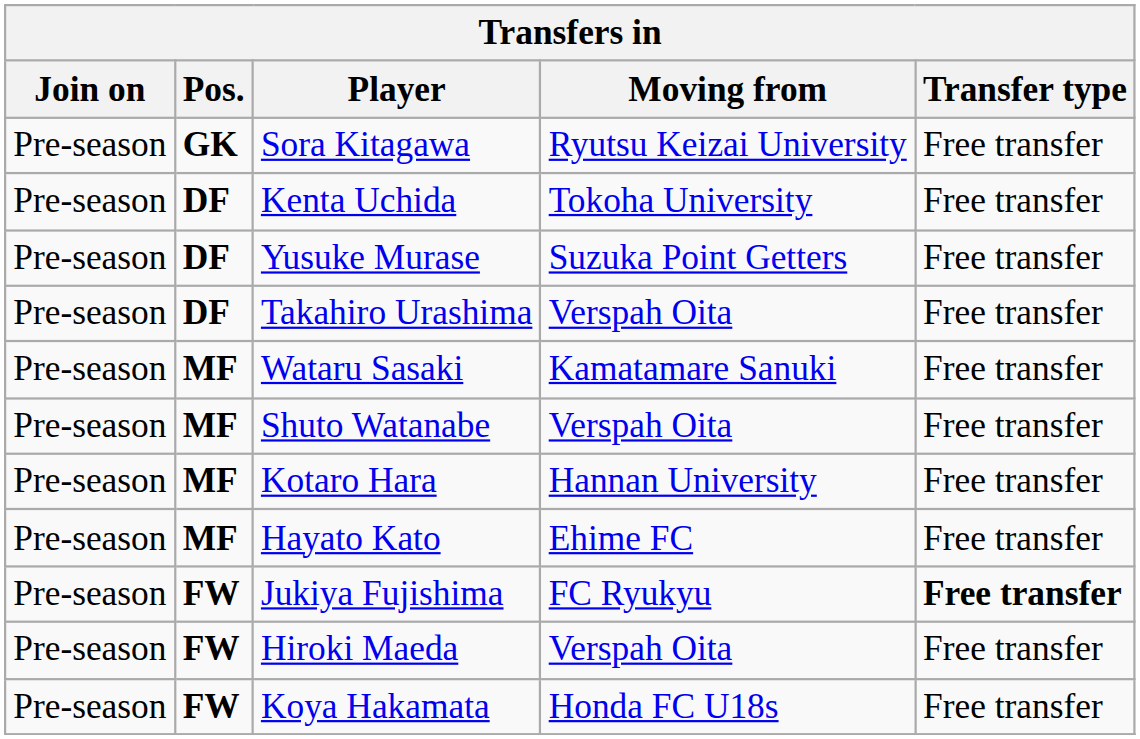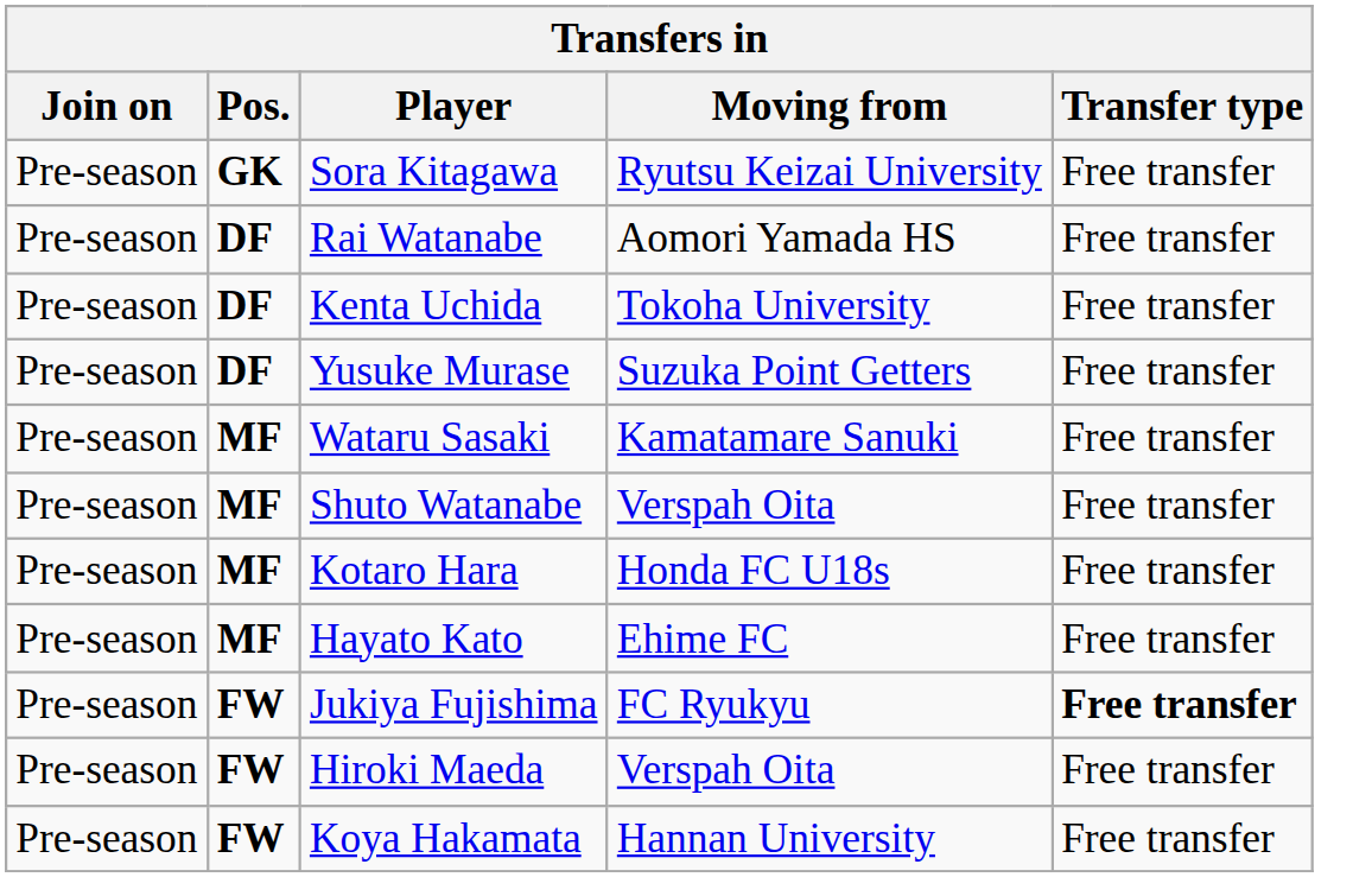 <table class="wikitable sortable" style=“text-align:left;>
 <tr>
 <th colspan="5">Transfers in</th>
 </tr>
 <tr>
 <th>Join on</th>
 <th>Pos.</th>
 <th>Player</th>
 <th>Moving from</th>
 <th>Transfer type</th>
 </tr>
 <tr>
 <td>Pre-season</td>
 <td><strong>GK</strong></td>
 <td> <a href='#'>Sora Kitagawa</a></td>
 <td> <a href='#'>Ryutsu Keizai University</a></td>
 <td>Free transfer</td>
 </tr>
 <tr>
 <td>Pre-season</td>
 <td><strong>DF</strong></td>
+<td> <a href='#'>Rai Watanabe</a></td>
+<td> Aomori Yamada HS</td>
+<td>Free transfer</td>
+</tr>
+<tr>
+<td>Pre-season</td>
+<td><strong>DF</strong></td>
 <td> <a href='#'>Kenta Uchida</a></td>
 <td> <a href='#'>Tokoha University</a></td>
 <td>Free transfer</td>
 </tr>
 <tr>
 <td>Pre-season</td>
 <td><strong>DF</strong></td>
 <td> <a href='#'>Yusuke Murase</a></td>
 <td> <a href='#'>Suzuka Point Getters</a></td>
-<td>Free transfer</td>
-</tr>
-<tr>
-<td>Pre-season</td>
-<td><strong>DF</strong></td>
-<td> <a href='#'>Takahiro Urashima</a></td>
-<td> <a href='#'>Verspah Oita</a></td>
 <td>Free transfer</td>
 </tr>
 <tr>
 <td>Pre-season</td>
 <td><strong>MF</strong></td>
 <td> <a href='#'>Wataru Sasaki</a></td>
 <td> <a href='#'>Kamatamare Sanuki</a></td>
 <td>Free transfer</td>
 </tr>
 <tr>
 <td>Pre-season</td>
 <td><strong>MF</strong></td>
 <td> <a href='#'>Shuto Watanabe</a></td>
 <td> <a href='#'>Verspah Oita</a></td>
 <td>Free transfer</td>
 </tr>
 <tr>
 <td>Pre-season</td>
 <td><strong>MF</strong></td>
 <td> <a href='#'>Kotaro Hara</a></td>
-<td> <a href='#'>Hannan University</a></td>
+<td> <a href='#'>Honda FC U18s</a></td>
 <td>Free transfer</td>
 </tr>
 <tr>
 <td>Pre-season</td>
 <td><strong>MF</strong></td>
 <td> <a href='#'>Hayato Kato</a></td>
 <td> <a href='#'>Ehime FC</a></td>
 <td>Free transfer</td>
 </tr>
 <tr>
 <td>Pre-season</td>
 <td><strong>FW</strong></td>
 <td> <a href='#'>Jukiya Fujishima</a></td>
 <td> <a href='#'>FC Ryukyu</a></td>
 <td><strong>Free transfer</strong></td>
 </tr>
 <tr>
 <td>Pre-season</td>
 <td><strong>FW</strong></td>
 <td> <a href='#'>Hiroki Maeda</a></td>
 <td> <a href='#'>Verspah Oita</a></td>
 <td>Free transfer</td>
 </tr>
 <tr>
 <td>Pre-season</td>
 <td><strong>FW</strong></td>
 <td> <a href='#'>Koya Hakamata</a></td>
-<td> <a href='#'>Honda FC U18s</a></td>
+<td> <a href='#'>Hannan University</a></td>
 <td>Free transfer</td>
 </tr>
 <tr>
 </tr>
 </table>
